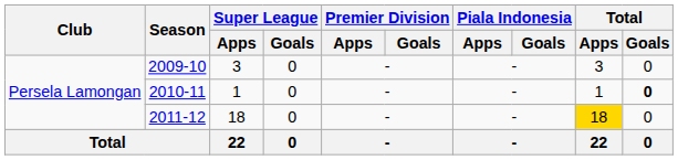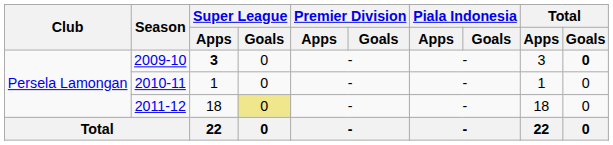 <table class="wikitable" style="font-size:90%; text-align:center;">
 <tr>
 <th rowspan="2">Club</th>
 <th rowspan="2">Season</th>
 <th colspan="2"><a href='#'>Super League</a></th>
 <th colspan="2"><a href='#'>Premier Division</a></th>
 <th colspan="2"><a href='#'>Piala Indonesia</a></th>
 <th colspan="2">Total</th>
 </tr>
 <tr>
 <th>Apps</th>
 <th>Goals</th>
 <th>Apps</th>
 <th>Goals</th>
 <th>Apps</th>
 <th>Goals</th>
 <th>Apps</th>
 <th>Goals</th>
 </tr>
 <tr>
 <td rowspan="3"><a href='#'>Persela Lamongan</a></td>
 <td><a href='#'>2009-10</a></td>
-<td>3</td>
+<td><strong>3</strong></td>
 <td>0</td>
 <td colspan="2">-</td>
 <td colspan="2">-</td>
 <td>3</td>
-<td>0</td>
+<td><strong>0</strong></td>
 </tr>
 <tr>
 <td><a href='#'>2010-11</a></td>
 <td>1</td>
 <td>0</td>
 <td colspan="2">-</td>
 <td colspan="2">-</td>
 <td>1</td>
-<td><strong>0</strong></td>
+<td>0</td>
 </tr>
 <tr>
 <td><a href='#'>2011-12</a></td>
 <td>18</td>
-<td>0</td>
+<td style="background: khaki;">0</td>
 <td colspan="2">-</td>
 <td colspan="2">-</td>
-<td style="background: gold;">18</td>
+<td>18</td>
 <td>0</td>
 </tr>
 <tr>
 <th colspan="2">Total</th>
 <th>22</th>
 <th>0</th>
 <th colspan="2">-</th>
 <th colspan="2">-</th>
 <th>22</th>
 <th>0</th>
 </tr>
 </table>
